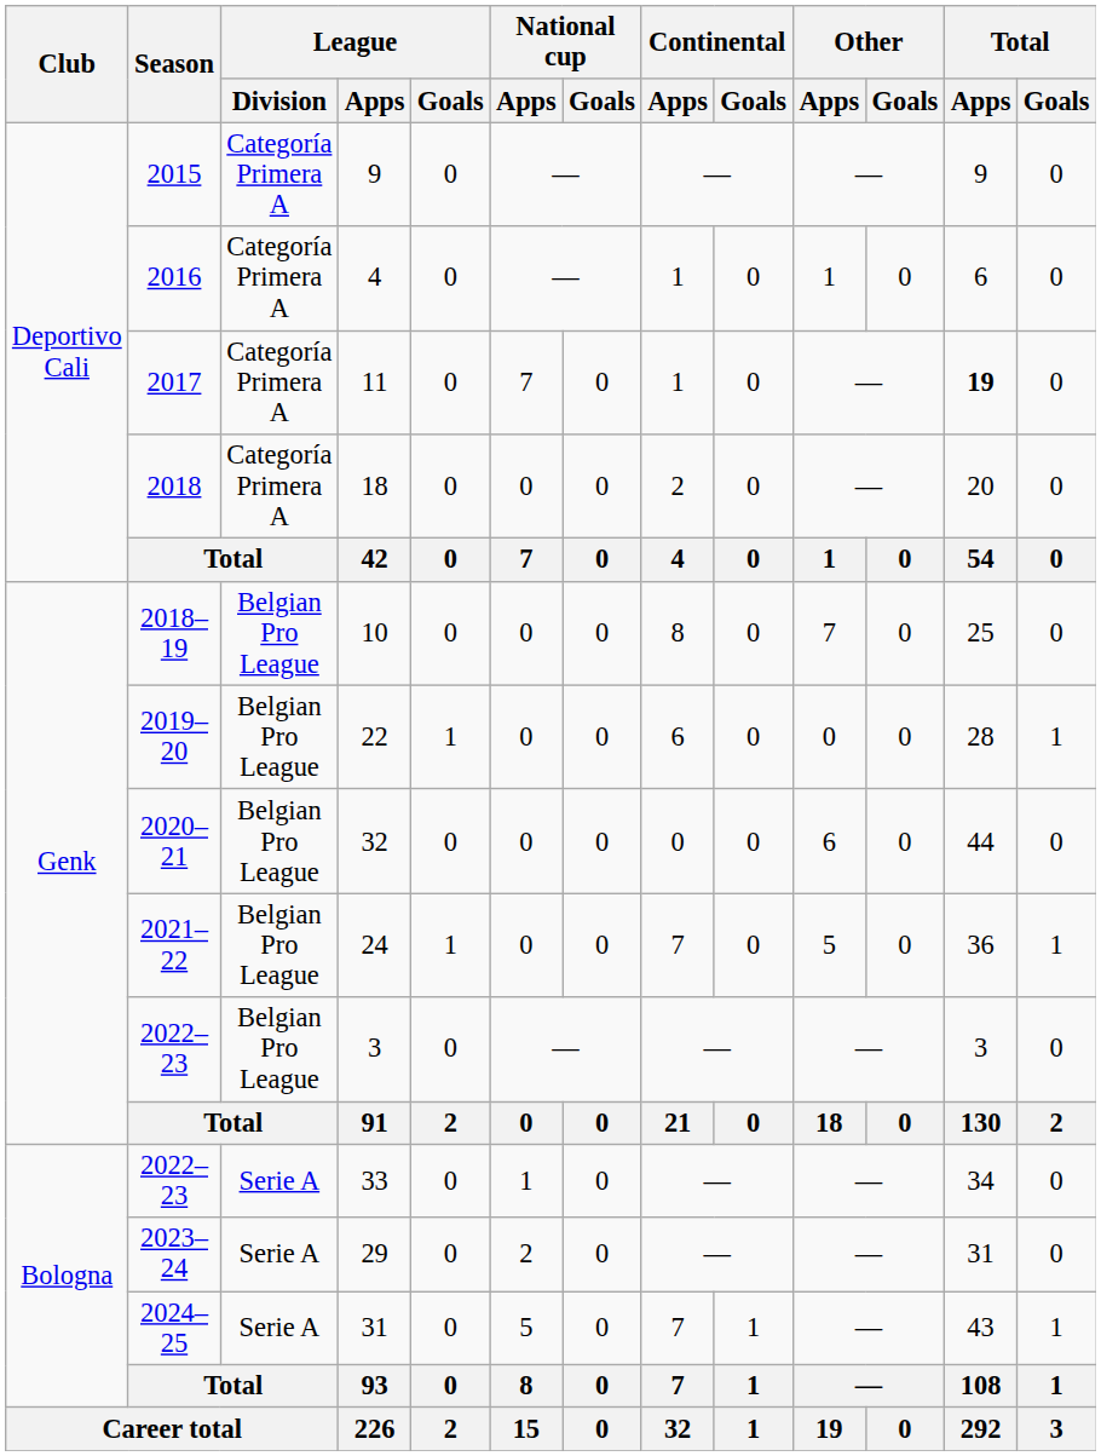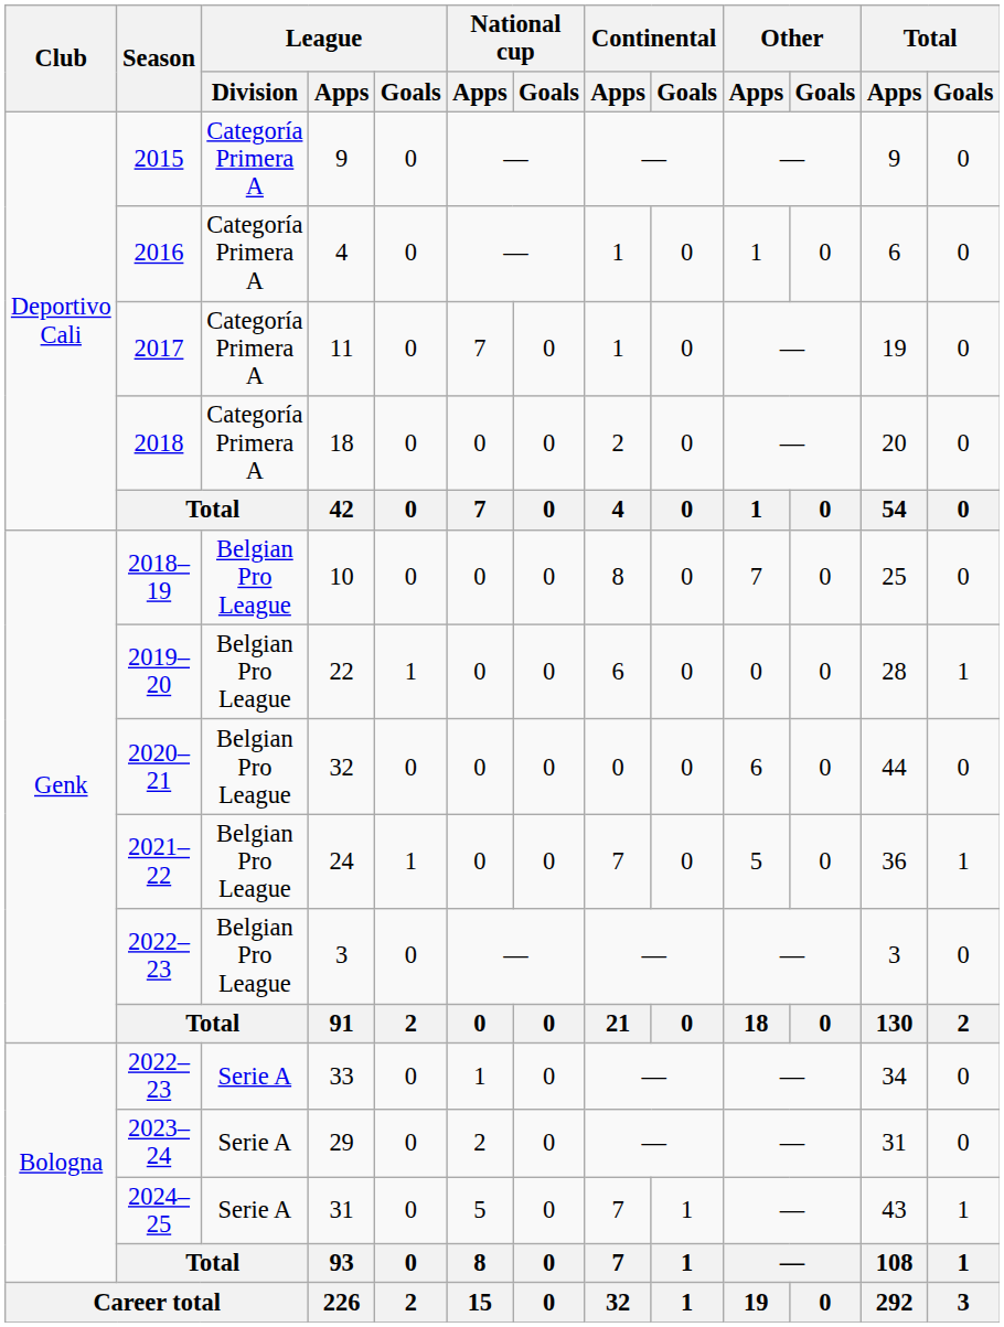 <table class="wikitable" style="text-align:center">
 <tr>
 <th rowspan=2>Club</th>
 <th rowspan=2>Season</th>
 <th colspan=3>League</th>
 <th colspan=2>National cup</th>
 <th colspan=2>Continental</th>
 <th colspan=2>Other</th>
 <th colspan=2>Total</th>
 </tr>
 <tr>
 <th>Division</th>
 <th>Apps</th>
 <th>Goals</th>
 <th>Apps</th>
 <th>Goals</th>
 <th>Apps</th>
 <th>Goals</th>
 <th>Apps</th>
 <th>Goals</th>
 <th>Apps</th>
 <th>Goals</th>
 </tr>
 <tr>
 <td rowspan="5"><a href='#'>Deportivo Cali</a></td>
 <td><a href='#'>2015</a></td>
 <td><a href='#'>Categoría Primera A</a></td>
 <td>9</td>
 <td>0</td>
 <td colspan="2">—</td>
 <td colspan="2">—</td>
 <td colspan="2">—</td>
 <td>9</td>
 <td>0</td>
 </tr>
 <tr>
 <td><a href='#'>2016</a></td>
 <td>Categoría Primera A</td>
 <td>4</td>
 <td>0</td>
 <td colspan="2">—</td>
 <td>1</td>
 <td>0</td>
 <td>1</td>
 <td>0</td>
 <td>6</td>
 <td>0</td>
 </tr>
 <tr>
 <td><a href='#'>2017</a></td>
 <td>Categoría Primera A</td>
 <td>11</td>
 <td>0</td>
 <td>7</td>
 <td>0</td>
 <td>1</td>
 <td>0</td>
 <td colspan="2">—</td>
-<td><strong>19</strong></td>
+<td>19</td>
 <td>0</td>
 </tr>
 <tr>
 <td><a href='#'>2018</a></td>
 <td>Categoría Primera A</td>
 <td>18</td>
 <td>0</td>
 <td>0</td>
 <td>0</td>
 <td>2</td>
 <td>0</td>
 <td colspan="2">—</td>
 <td>20</td>
 <td>0</td>
 </tr>
 <tr>
 <th colspan="2">Total</th>
 <th>42</th>
 <th>0</th>
 <th>7</th>
 <th>0</th>
 <th>4</th>
 <th>0</th>
 <th>1</th>
 <th>0</th>
 <th>54</th>
 <th>0</th>
 </tr>
 <tr>
 <td rowspan="6"><a href='#'>Genk</a></td>
 <td><a href='#'>2018–19</a></td>
 <td><a href='#'>Belgian Pro League</a></td>
 <td>10</td>
 <td>0</td>
 <td>0</td>
 <td>0</td>
 <td>8</td>
 <td>0</td>
 <td>7</td>
 <td>0</td>
 <td>25</td>
 <td>0</td>
 </tr>
 <tr>
 <td><a href='#'>2019–20</a></td>
 <td>Belgian Pro League</td>
 <td>22</td>
 <td>1</td>
 <td>0</td>
 <td>0</td>
 <td>6</td>
 <td>0</td>
 <td>0</td>
 <td>0</td>
 <td>28</td>
 <td>1</td>
 </tr>
 <tr>
 <td><a href='#'>2020–21</a></td>
 <td>Belgian Pro League</td>
 <td>32</td>
 <td>0</td>
 <td>0</td>
 <td>0</td>
 <td>0</td>
 <td>0</td>
 <td>6</td>
 <td>0</td>
 <td>44</td>
 <td>0</td>
 </tr>
 <tr>
 <td><a href='#'>2021–22</a></td>
 <td>Belgian Pro League</td>
 <td>24</td>
 <td>1</td>
 <td>0</td>
 <td>0</td>
 <td>7</td>
 <td>0</td>
 <td>5</td>
 <td>0</td>
 <td>36</td>
 <td>1</td>
 </tr>
 <tr>
 <td><a href='#'>2022–23</a></td>
 <td>Belgian Pro League</td>
 <td>3</td>
 <td>0</td>
 <td colspan="2">—</td>
 <td colspan="2">—</td>
 <td colspan="2">—</td>
 <td>3</td>
 <td>0</td>
 </tr>
 <tr>
 <th colspan="2">Total</th>
 <th>91</th>
 <th>2</th>
 <th>0</th>
 <th>0</th>
 <th>21</th>
 <th>0</th>
 <th>18</th>
 <th>0</th>
 <th>130</th>
 <th>2</th>
 </tr>
 <tr>
 <td rowspan="4"><a href='#'>Bologna</a></td>
 <td><a href='#'>2022–23</a></td>
 <td><a href='#'>Serie A</a></td>
 <td>33</td>
 <td>0</td>
 <td>1</td>
 <td>0</td>
 <td colspan="2">—</td>
 <td colspan="2">—</td>
 <td>34</td>
 <td>0</td>
 </tr>
 <tr>
 <td><a href='#'>2023–24</a></td>
 <td>Serie A</td>
 <td>29</td>
 <td>0</td>
 <td>2</td>
 <td>0</td>
 <td colspan="2">—</td>
 <td colspan="2">—</td>
 <td>31</td>
 <td>0</td>
 </tr>
 <tr>
 <td><a href='#'>2024–25</a></td>
 <td>Serie A</td>
 <td>31</td>
 <td>0</td>
 <td>5</td>
 <td>0</td>
 <td>7</td>
 <td>1</td>
 <td colspan="2">—</td>
 <td>43</td>
 <td>1</td>
 </tr>
 <tr>
 <th colspan="2">Total</th>
 <th>93</th>
 <th>0</th>
 <th>8</th>
 <th>0</th>
 <th>7</th>
 <th>1</th>
 <th colspan="2">—</th>
 <th>108</th>
 <th>1</th>
 </tr>
 <tr>
 <th colspan="3">Career total</th>
 <th>226</th>
 <th>2</th>
 <th>15</th>
 <th>0</th>
 <th>32</th>
 <th>1</th>
 <th>19</th>
 <th>0</th>
 <th>292</th>
 <th>3</th>
 </tr>
 </table>
